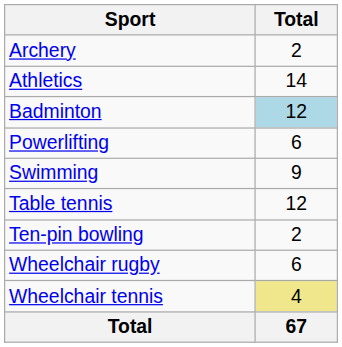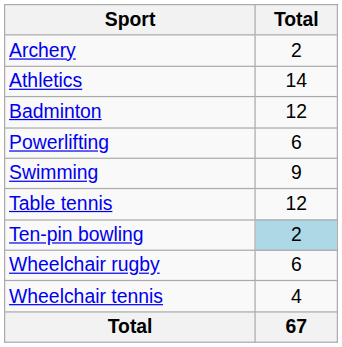 <table class="wikitable" style="text-align:center;">
 <tr>
 <th width=200>Sport</th>
 <th width=60>Total</th>
 </tr>
 <tr>
 <td align=left><a href='#'>Archery</a></td>
 <td>2</td>
 </tr>
 <tr>
 <td align=left><a href='#'>Athletics</a></td>
 <td>14</td>
 </tr>
 <tr>
 <td align=left><a href='#'>Badminton</a></td>
-<td style="background: lightblue;">12</td>
+<td>12</td>
 </tr>
 <tr>
 <td align=left><a href='#'>Powerlifting</a></td>
 <td>6</td>
 </tr>
 <tr>
 <td align=left><a href='#'>Swimming</a></td>
 <td>9</td>
 </tr>
 <tr>
 <td align=left><a href='#'>Table tennis</a></td>
 <td>12</td>
 </tr>
 <tr>
 <td align=left><a href='#'>Ten-pin bowling</a></td>
-<td>2</td>
+<td style="background: lightblue;">2</td>
 </tr>
 <tr>
 <td align=left><a href='#'>Wheelchair rugby</a></td>
 <td>6</td>
 </tr>
 <tr>
 <td align=left><a href='#'>Wheelchair tennis</a></td>
-<td style="background: khaki;">4</td>
+<td>4</td>
 </tr>
 <tr>
 <th>Total</th>
 <th>67</th>
 </tr>
 </table>
